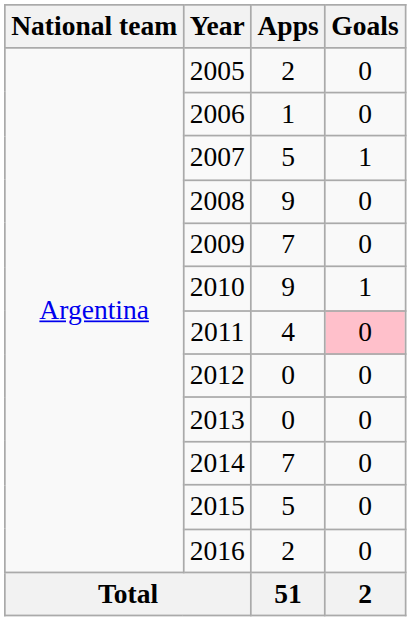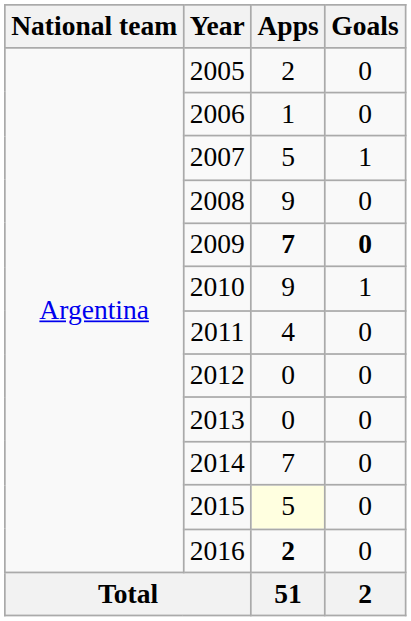 <table class="wikitable" style="text-align:center">
 <tr>
 <th>National team</th>
 <th>Year</th>
 <th>Apps</th>
 <th>Goals</th>
 </tr>
 <tr>
 <td rowspan="12"><a href='#'>Argentina</a></td>
 <td>2005</td>
 <td>2</td>
 <td>0</td>
 </tr>
 <tr>
 <td>2006</td>
 <td>1</td>
 <td>0</td>
 </tr>
 <tr>
 <td>2007</td>
 <td>5</td>
 <td>1</td>
 </tr>
 <tr>
 <td>2008</td>
 <td>9</td>
 <td>0</td>
 </tr>
 <tr>
 <td>2009</td>
-<td>7</td>
-<td>0</td>
+<td><strong>7</strong></td>
+<td><strong>0</strong></td>
 </tr>
 <tr>
 <td>2010</td>
 <td>9</td>
 <td>1</td>
 </tr>
 <tr>
 <td>2011</td>
 <td>4</td>
-<td style="background: pink;">0</td>
+<td>0</td>
 </tr>
 <tr>
 <td>2012</td>
 <td>0</td>
 <td>0</td>
 </tr>
 <tr>
 <td>2013</td>
 <td>0</td>
 <td>0</td>
 </tr>
 <tr>
 <td>2014</td>
 <td>7</td>
 <td>0</td>
 </tr>
 <tr>
 <td>2015</td>
-<td>5</td>
+<td style="background: lightyellow;">5</td>
 <td>0</td>
 </tr>
 <tr>
 <td>2016</td>
-<td>2</td>
+<td><strong>2</strong></td>
 <td>0</td>
 </tr>
 <tr>
 <th colspan="2">Total</th>
 <th>51</th>
 <th>2</th>
 </tr>
 </table>
